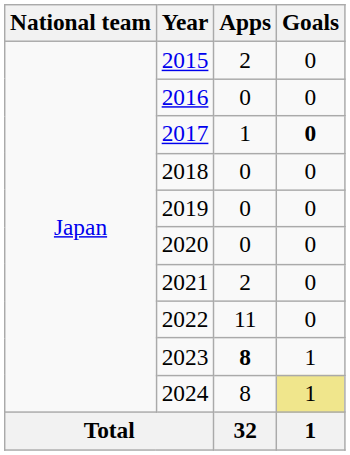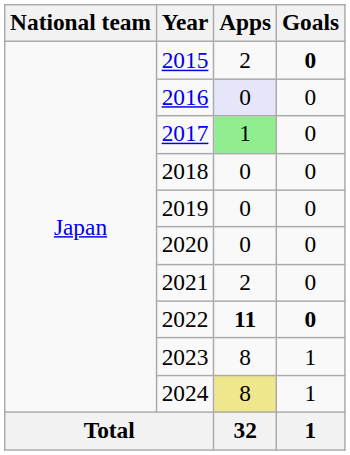 <table class="wikitable" style="text-align:center">
 <tr>
 <th>National team</th>
 <th>Year</th>
 <th>Apps</th>
 <th>Goals</th>
 </tr>
 <tr>
 <td rowspan="10"><a href='#'>Japan</a></td>
 <td><a href='#'>2015</a></td>
 <td>2</td>
-<td>0</td>
+<td><strong>0</strong></td>
 </tr>
 <tr>
 <td><a href='#'>2016</a></td>
-<td>0</td>
+<td style="background: lavender;">0</td>
 <td>0</td>
 </tr>
 <tr>
 <td><a href='#'>2017</a></td>
-<td>1</td>
-<td><strong>0</strong></td>
+<td style="background: lightgreen;">1</td>
+<td>0</td>
 </tr>
 <tr>
 <td>2018</td>
 <td>0</td>
 <td>0</td>
 </tr>
 <tr>
 <td>2019</td>
 <td>0</td>
 <td>0</td>
 </tr>
 <tr>
 <td>2020</td>
 <td>0</td>
 <td>0</td>
 </tr>
 <tr>
 <td>2021</td>
 <td>2</td>
 <td>0</td>
 </tr>
 <tr>
 <td>2022</td>
-<td>11</td>
-<td>0</td>
+<td><strong>11</strong></td>
+<td><strong>0</strong></td>
 </tr>
 <tr>
 <td>2023</td>
-<td><strong>8</strong></td>
+<td>8</td>
 <td>1</td>
 </tr>
 <tr>
 <td>2024</td>
-<td>8</td>
-<td style="background: khaki;">1</td>
+<td style="background: khaki;">8</td>
+<td>1</td>
 </tr>
 <tr>
 <th colspan="2">Total</th>
 <th>32</th>
 <th>1</th>
 </tr>
 </table>
